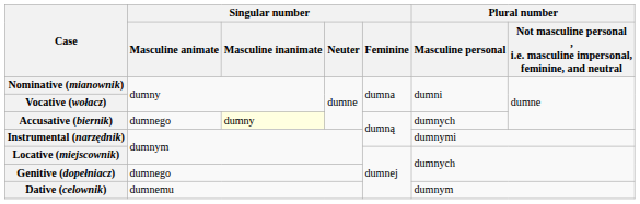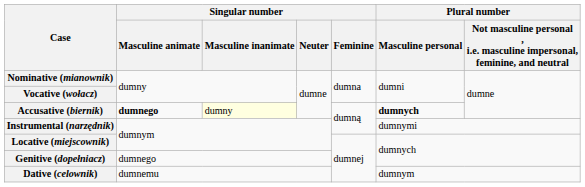 <table class="wikitable">
 <tr>
 <th rowspan="2">Case</th>
 <th colspan="4">Singular number</th>
 <th colspan="2">Plural number</th>
 </tr>
 <tr>
 <th>Masculine animate<br> </th>
 <th>Masculine inanimate<br> </th>
 <th>Neuter<br> </th>
 <th>Feminine<br> </th>
 <th>Masculine personal<br> </th>
 <th>Not masculine personal <br> ,<br> i.e. masculine impersonal, <br> feminine, and neutral</th>
 </tr>
 <tr>
 <th>Nominative (<em>mianownik</em>)</th>
 <td colspan="2" rowspan="2">dumny</td>
 <td rowspan="3">dumne</td>
 <td rowspan="2">dumna</td>
 <td rowspan="2">dumni</td>
 <td rowspan="3">dumne</td>
 </tr>
 <tr>
 <th>Vocative (<em>wołacz</em>)</th>
 </tr>
 <tr>
 <th>Accusative (<em>biernik</em>)</th>
-<td>dumnego</td>
+<td><strong>dumnego</strong></td>
 <td style="background: lightyellow;">dumny</td>
 <td rowspan="2">dumną</td>
-<td>dumnych</td>
+<td><strong>dumnych</strong></td>
 </tr>
 <tr>
 <th>Instrumental (<em>narzędnik</em>)</th>
 <td colspan="3" rowspan="2">dumnym</td>
 <td colspan="2">dumnymi</td>
 </tr>
 <tr>
 <th>Locative (<em>miejscownik</em>)</th>
 <td rowspan="3">dumnej</td>
 <td colspan="2" rowspan="2">dumnych</td>
 </tr>
 <tr>
 <th>Genitive (<em>dopełniacz</em>)</th>
 <td colspan="3">dumnego</td>
 </tr>
 <tr>
 <th>Dative (<em>celownik</em>)</th>
 <td colspan="3">dumnemu</td>
 <td colspan="2">dumnym</td>
 </tr>
 </table>
